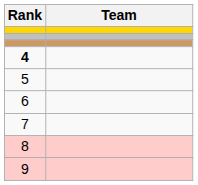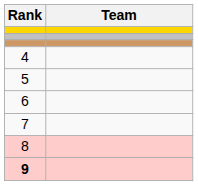 <table class="wikitable">
 <tr>
 <th width=30px>Rank</th>
 <th width=160px>Team</th>
 </tr>
 <tr style="background:gold;">
 <td align=center></td>
 <td></td>
 </tr>
 <tr style="background:silver;">
 <td align=center></td>
 <td></td>
 </tr>
 <tr style="background:#cc9966;">
 <td align=center></td>
 <td></td>
 </tr>
 <tr>
-<td align=center><strong>4</strong></td>
+<td align=center>4</td>
 <td></td>
 </tr>
 <tr>
 <td align=center>5</td>
 <td></td>
 </tr>
 <tr>
 <td align=center>6</td>
 <td></td>
 </tr>
 <tr>
 <td align=center>7</td>
 <td></td>
 </tr>
 <tr style="background:#ffcccc;">
 <td align=center>8</td>
 <td></td>
 </tr>
 <tr style="background:#ffcccc;">
-<td align=center>9</td>
+<td align=center><strong>9</strong></td>
 <td></td>
 </tr>
 </table>
